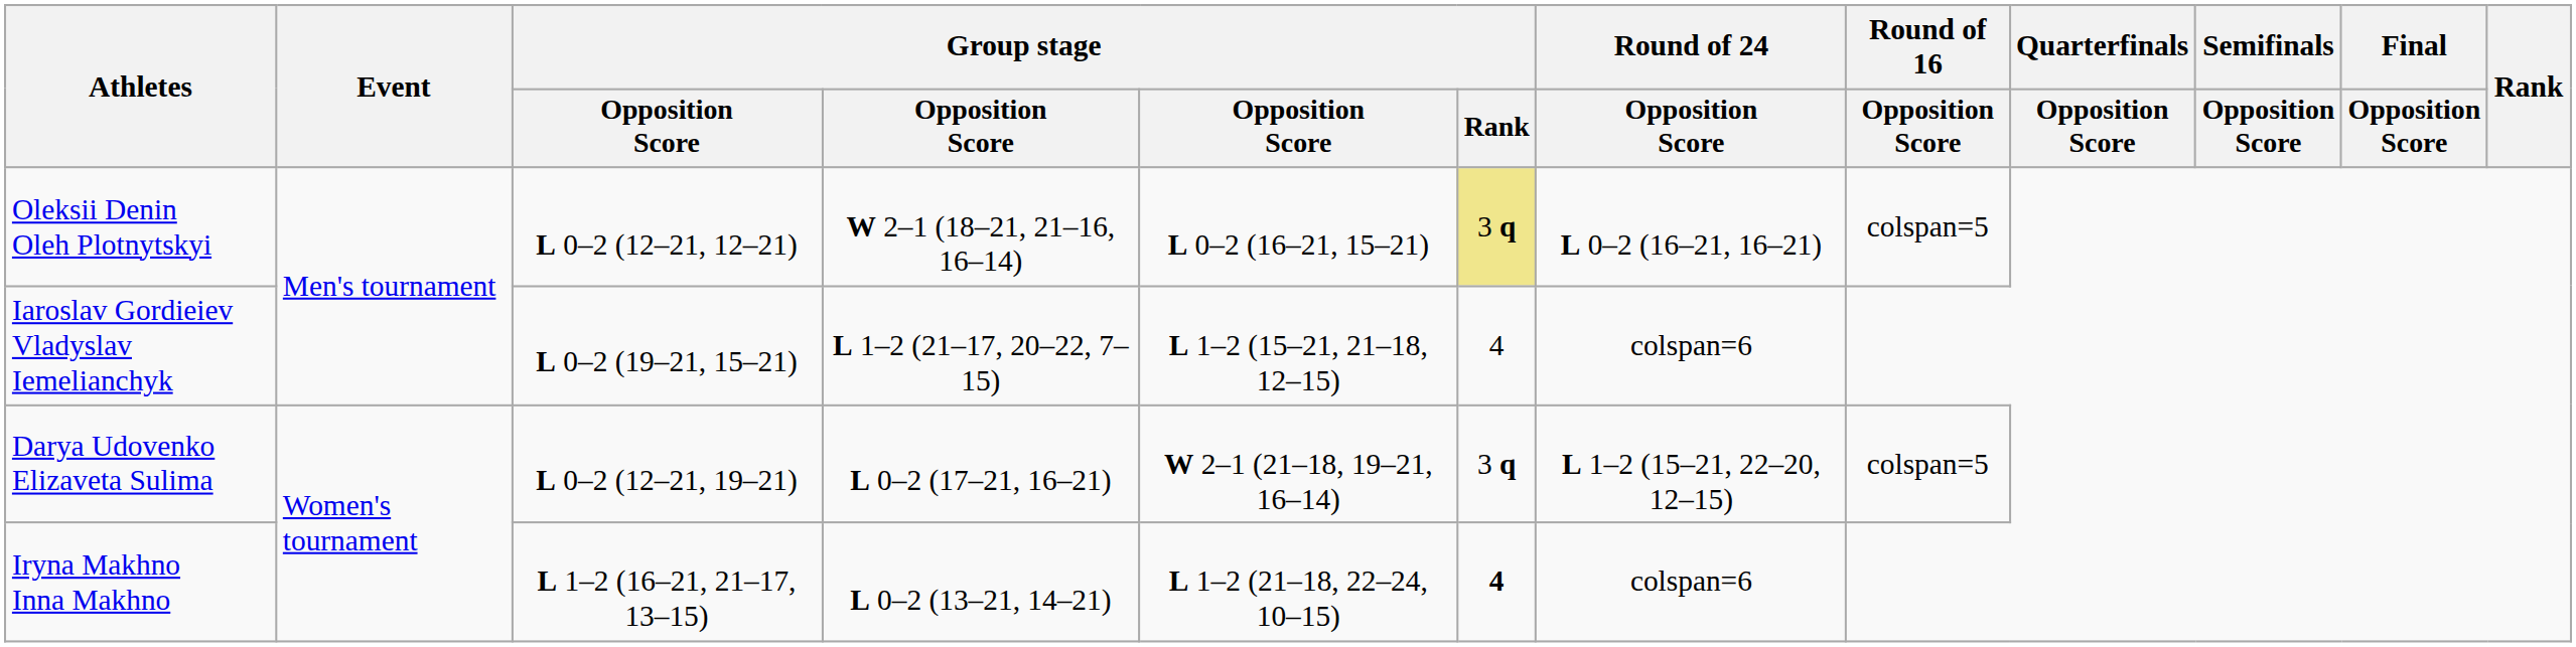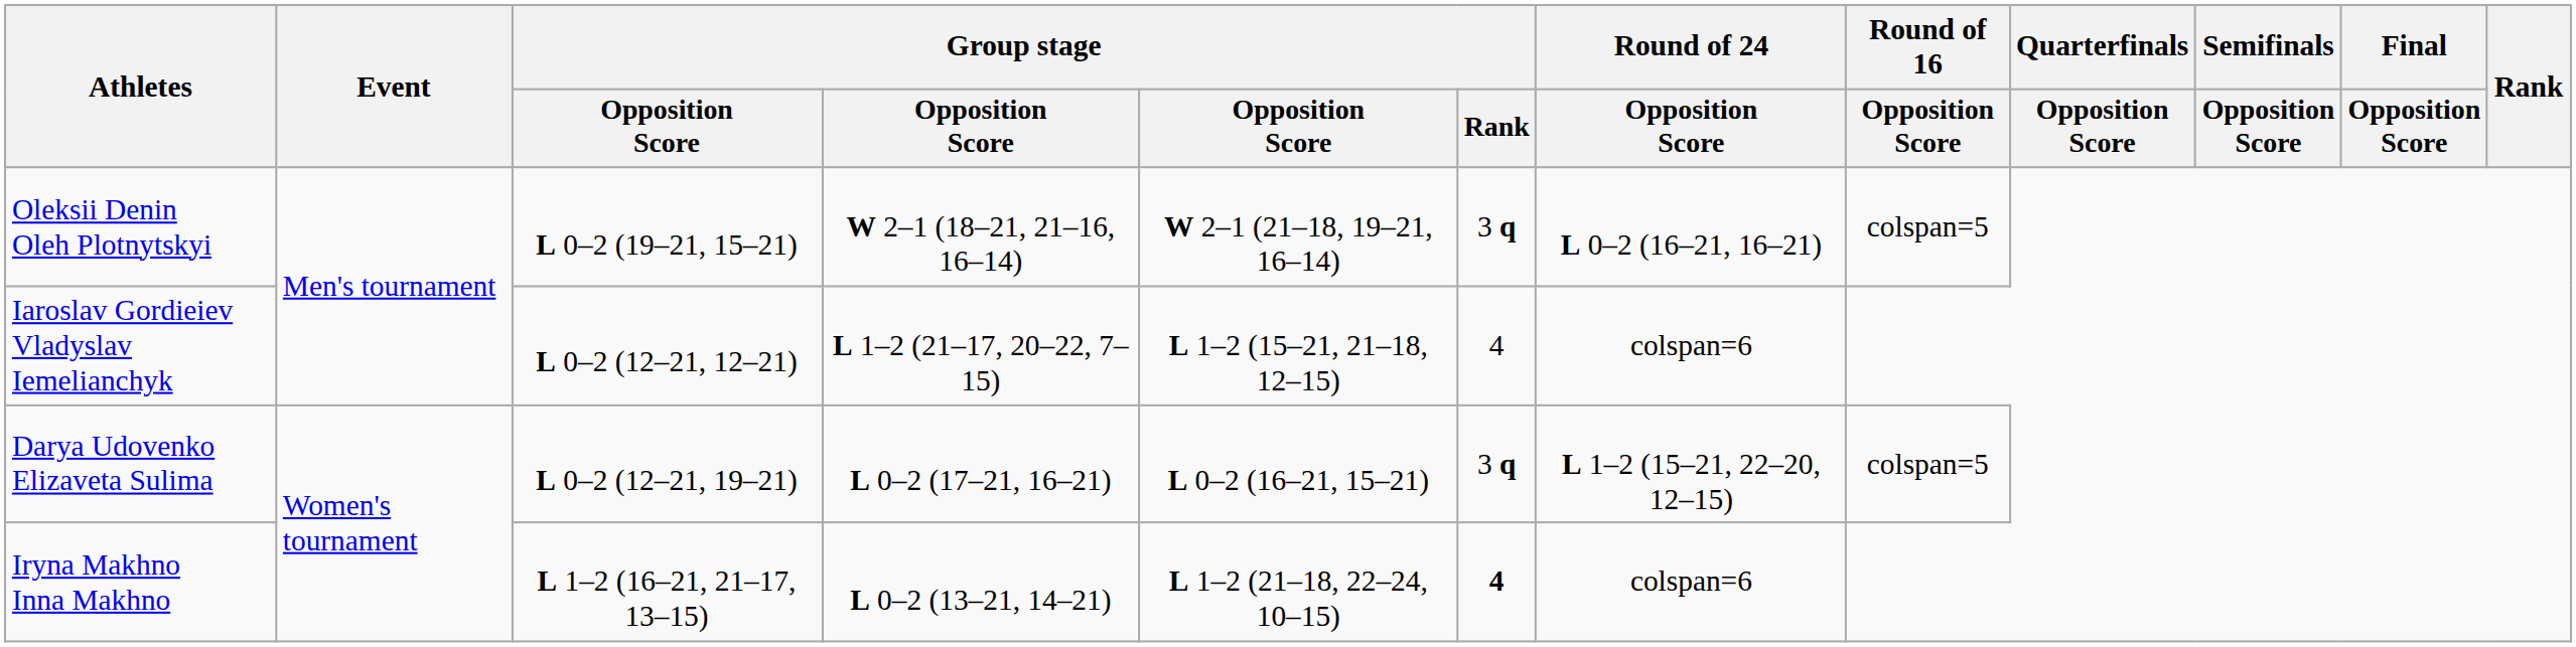 <table class="wikitable" style="font-size:90%">
 <tr>
 <th rowspan="2">Athletes</th>
 <th rowspan="2">Event</th>
 <th colspan="4">Group stage</th>
 <th>Round of 24</th>
 <th>Round of 16</th>
 <th>Quarterfinals</th>
 <th>Semifinals</th>
 <th>Final</th>
 <th rowspan="2">Rank</th>
 </tr>
 <tr style="font-size:95%">
 <th>Opposition<br>Score</th>
 <th>Opposition<br>Score</th>
 <th>Opposition<br>Score</th>
 <th>Rank</th>
 <th>Opposition<br>Score</th>
 <th>Opposition<br>Score</th>
 <th>Opposition<br>Score</th>
 <th>Opposition<br>Score</th>
 <th>Opposition<br>Score</th>
 </tr>
 <tr align="center">
 <td align="left"><a href='#'>Oleksii Denin</a><br><a href='#'>Oleh Plotnytskyi</a></td>
 <td align="left" rowspan=2><a href='#'>Men's tournament</a></td>
-<td><br> <strong>L</strong> 0–2 (12–21, 12–21)</td>
+<td><br> <strong>L</strong> 0–2 (19–21, 15–21)</td>
 <td><br> <strong>W</strong> 2–1 (18–21, 21–16, 16–14)</td>
-<td><br> <strong>L</strong> 0–2 (16–21, 15–21)</td>
-<td style="background: khaki;">3 <strong>q</strong></td>
+<td><br> <strong>W</strong> 2–1 (21–18, 19–21, 16–14)</td>
+<td>3 <strong>q</strong></td>
 <td><br> <strong>L</strong> 0–2 (16–21, 16–21)</td>
 <td>colspan=5 </td>
 </tr>
 <tr align="center">
 <td align="left"><a href='#'>Iaroslav Gordieiev</a><br><a href='#'>Vladyslav Iemelianchyk</a></td>
-<td><br> <strong>L</strong> 0–2 (19–21, 15–21)</td>
+<td><br> <strong>L</strong> 0–2 (12–21, 12–21)</td>
 <td><br> <strong>L</strong> 1–2 (21–17, 20–22, 7–15)</td>
 <td><br> <strong>L</strong> 1–2 (15–21, 21–18, 12–15)</td>
 <td>4</td>
 <td>colspan=6 </td>
 </tr>
 <tr align="center">
 <td align="left"><a href='#'>Darya Udovenko</a><br><a href='#'>Elizaveta Sulima</a></td>
 <td align="left" rowspan=2><a href='#'>Women's tournament</a></td>
 <td><br> <strong>L</strong> 0–2 (12–21, 19–21)</td>
 <td><br> <strong>L</strong> 0–2 (17–21, 16–21)</td>
-<td><br> <strong>W</strong> 2–1 (21–18, 19–21, 16–14)</td>
+<td><br> <strong>L</strong> 0–2 (16–21, 15–21)</td>
 <td>3 <strong>q</strong></td>
 <td><br> <strong>L</strong> 1–2 (15–21, 22–20, 12–15)</td>
 <td>colspan=5 </td>
 </tr>
 <tr align="center">
 <td align="left"><a href='#'>Iryna Makhno</a><br><a href='#'>Inna Makhno</a></td>
 <td><br> <strong>L</strong> 1–2 (16–21, 21–17, 13–15)</td>
 <td><br> <strong>L</strong> 0–2 (13–21, 14–21)</td>
 <td><br> <strong>L</strong> 1–2 (21–18, 22–24, 10–15)</td>
 <td><strong>4</strong></td>
 <td>colspan=6 </td>
 </tr>
 </table>
